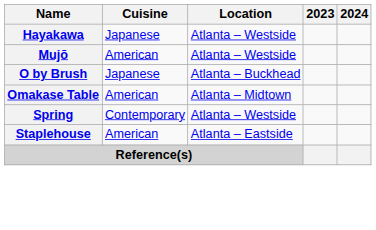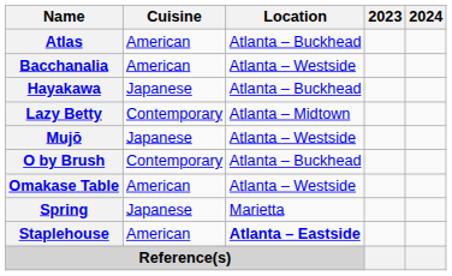 <table class="wikitable sortable plainrowheaders" style="text-align:left;"">
 <tr>
 <th scope="col">Name</th>
 <th scope="col">Cuisine</th>
 <th scope="col">Location</th>
 <th scope="col">2023</th>
 <th scope="col">2024</th>
 </tr>
 <tr>
+<th scope="row"><a href='#'>Atlas</a></th>
+<td><a href='#'>American</a></td>
+<td><a href='#'>Atlanta – Buckhead</a></td>
+<td></td>
+<td></td>
+</tr>
+<tr>
+<th scope="row"><a href='#'>Bacchanalia</a></th>
+<td><a href='#'>American</a></td>
+<td><a href='#'>Atlanta – Westside</a></td>
+<td></td>
+<td></td>
+</tr>
+<tr>
 <th scope="row"><a href='#'>Hayakawa</a></th>
+<td><a href='#'>Japanese</a></td>
+<td><a href='#'>Atlanta – Buckhead</a></td>
+<td></td>
+<td></td>
+</tr>
+<tr>
+<th scope="row"><a href='#'>Lazy Betty</a></th>
+<td><a href='#'>Contemporary</a></td>
+<td><a href='#'>Atlanta – Midtown</a></td>
+<td></td>
+<td></td>
+</tr>
+<tr>
+<th scope="row"><a href='#'>Mujō</a></th>
 <td><a href='#'>Japanese</a></td>
 <td><a href='#'>Atlanta – Westside</a></td>
 <td></td>
 <td></td>
 </tr>
 <tr>
-<th scope="row"><a href='#'>Mujō</a></th>
-<td><a href='#'>American</a></td>
-<td><a href='#'>Atlanta – Westside</a></td>
-<td></td>
-<td></td>
-</tr>
-<tr>
 <th scope="row"><a href='#'>O by Brush</a></th>
-<td><a href='#'>Japanese</a></td>
+<td><a href='#'>Contemporary</a></td>
 <td><a href='#'>Atlanta – Buckhead</a></td>
 <td></td>
 <td></td>
 </tr>
 <tr>
 <th scope="row"><a href='#'>Omakase Table</a></th>
 <td><a href='#'>American</a></td>
-<td><a href='#'>Atlanta – Midtown</a></td>
+<td><a href='#'>Atlanta – Westside</a></td>
 <td></td>
 <td></td>
 </tr>
 <tr>
 <th scope="row"><a href='#'>Spring</a></th>
-<td><a href='#'>Contemporary</a></td>
-<td><a href='#'>Atlanta – Westside</a></td>
+<td><a href='#'>Japanese</a></td>
+<td><a href='#'>Marietta</a></td>
 <td></td>
 <td></td>
 </tr>
 <tr>
 <th scope="row"><a href='#'>Staplehouse</a></th>
 <td><a href='#'>American</a></td>
-<td><a href='#'>Atlanta – Eastside</a></td>
+<td><strong><a href='#'>Atlanta – Eastside</a></strong></td>
 <td></td>
 <td></td>
 </tr>
 <tr>
 <th colspan="3" style="text-align: center;background: lightgray;">Reference(s)</th>
 <th></th>
 <th></th>
 </tr>
 </table>
